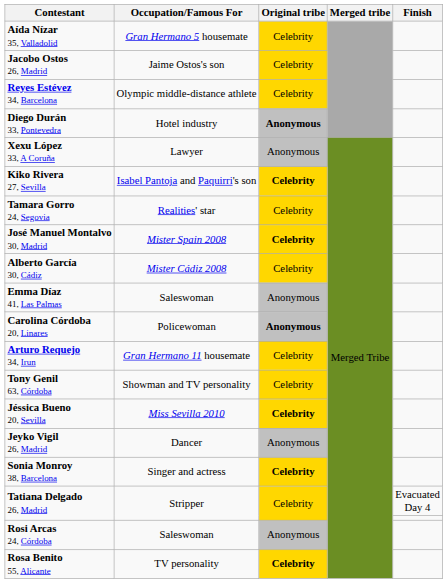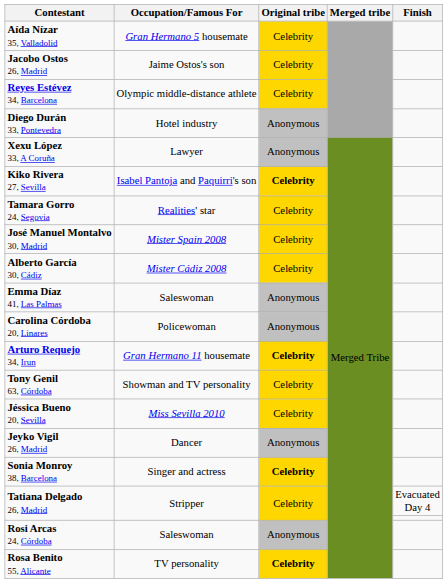 <table class="wikitable" style="margin:auto; text-align:center">
 <tr>
 <th>Contestant</th>
 <th>Occupation/Famous For</th>
 <th>Original tribe</th>
 <th>Merged tribe</th>
 <th>Finish</th>
 </tr>
 <tr>
 <td align="left"><strong>Aída Nízar</strong><br><small>35, <a href='#'>Valladolid</a> </small></td>
 <td><em><a href='#'>Gran Hermano 5</a></em> housemate</td>
 <td bgcolor="#FFD700">Celebrity</td>
 <td bgcolor="darkgray" rowspan="4"></td>
 <td></td>
 </tr>
 <tr>
 <td align="left"><strong>Jacobo Ostos</strong><br><small>26, <a href='#'>Madrid</a> </small></td>
 <td>Jaime Ostos's son</td>
 <td bgcolor="#FFD700">Celebrity</td>
 <td></td>
 </tr>
 <tr>
 <td align="left"><strong><a href='#'>Reyes Estévez</a></strong><br><small>34, <a href='#'>Barcelona</a> </small></td>
 <td>Olympic middle-distance athlete</td>
 <td bgcolor="#FFD700">Celebrity</td>
 <td></td>
 </tr>
 <tr>
 <td align="left"><strong>Diego Durán</strong><br><small>33, <a href='#'>Pontevedra</a> </small></td>
 <td>Hotel industry</td>
-<td bgcolor="#C0C0C0"><strong>Anonymous</strong></td>
+<td bgcolor="#C0C0C0">Anonymous</td>
 <td></td>
 </tr>
 <tr>
 <td align="left"><strong>Xexu López</strong><br><small>33, <a href='#'>A Coruña</a> </small></td>
 <td>Lawyer</td>
 <td bgcolor="#C0C0C0">Anonymous</td>
 <td rowspan="16" style="background-color: rgb(107, 142, 35);"><span>Merged Tribe</span></td>
 <td></td>
 </tr>
 <tr>
 <td align="left"><strong>Kiko Rivera</strong><br><small>27, <a href='#'>Sevilla</a> </small></td>
 <td><a href='#'>Isabel Pantoja</a> and <a href='#'>Paquirri</a>'s son</td>
 <td bgcolor="#FFD700"><strong>Celebrity</strong></td>
 <td></td>
 </tr>
 <tr>
 <td align="left"><strong>Tamara Gorro</strong><br><small>24, <a href='#'>Segovia</a> </small></td>
 <td><a href='#'>Realities</a>' star</td>
 <td bgcolor="#FFD700">Celebrity</td>
 <td></td>
 </tr>
 <tr>
 <td align="left"><strong>José Manuel Montalvo</strong><br><small>30, <a href='#'>Madrid</a> </small></td>
 <td><em><a href='#'>Mister Spain 2008</a></em></td>
-<td bgcolor="#FFD700"><strong>Celebrity</strong></td>
+<td bgcolor="#FFD700">Celebrity</td>
 <td></td>
 </tr>
 <tr>
 <td align="left"><strong>Alberto García</strong><br><small>30, <a href='#'>Cádiz</a> </small></td>
 <td><em><a href='#'>Mister Cádiz 2008</a></em></td>
 <td bgcolor="#FFD700">Celebrity</td>
 <td></td>
 </tr>
 <tr>
 <td align="left"><strong>Emma Díaz</strong><br><small>41, <a href='#'>Las Palmas</a> </small></td>
 <td>Saleswoman</td>
 <td bgcolor="#C0C0C0">Anonymous</td>
 <td></td>
 </tr>
 <tr>
 <td align="left"><strong>Carolina Córdoba</strong><br><small>20, <a href='#'>Linares</a> </small></td>
 <td>Policewoman</td>
-<td bgcolor="#C0C0C0"><strong>Anonymous</strong></td>
+<td bgcolor="#C0C0C0">Anonymous</td>
 <td></td>
 </tr>
 <tr>
 <td align="left"><strong><a href='#'>Arturo Requejo</a></strong><br><small>34, <a href='#'>Irun</a> </small></td>
 <td><em><a href='#'>Gran Hermano 11</a></em> housemate</td>
-<td bgcolor="#FFD700">Celebrity</td>
+<td bgcolor="#FFD700"><strong>Celebrity</strong></td>
 <td></td>
 </tr>
 <tr>
 <td align="left"><strong>Tony Genil</strong><br><small>63, <a href='#'>Córdoba</a> </small></td>
 <td>Showman and TV personality</td>
 <td bgcolor="#FFD700">Celebrity</td>
 <td></td>
 </tr>
 <tr>
 <td align="left"><strong>Jéssica Bueno</strong><br><small>20, <a href='#'>Sevilla</a> </small></td>
 <td><em><a href='#'>Miss Sevilla 2010</a></em></td>
-<td bgcolor="#FFD700"><strong>Celebrity</strong></td>
+<td bgcolor="#FFD700">Celebrity</td>
 <td></td>
 </tr>
 <tr>
 <td align="left"><strong>Jeyko Vigil</strong><br><small>26, <a href='#'>Madrid</a> </small></td>
 <td>Dancer</td>
 <td bgcolor="#C0C0C0">Anonymous</td>
 <td></td>
 </tr>
 <tr>
 <td align="left"><strong>Sonia Monroy</strong><br><small>38, <a href='#'>Barcelona</a> </small></td>
 <td>Singer and actress</td>
 <td bgcolor="#FFD700"><strong>Celebrity</strong></td>
 <td></td>
 </tr>
 <tr>
 <td rowspan="2" style="text-align: left;"><strong>Tatiana Delgado</strong><br><small>26, <a href='#'>Madrid</a> </small></td>
 <td rowspan="2" style="text-align: center;">Stripper</td>
 <td rowspan="2" style="background-color: rgb(255, 215, 0);">Celebrity</td>
 <td>Evacuated<br>Day 4</td>
 </tr>
 <tr>
 <td></td>
 </tr>
 <tr>
 <td align="left"><strong>Rosi Arcas</strong><br><small>24, <a href='#'>Córdoba</a> </small></td>
 <td>Saleswoman</td>
 <td bgcolor="#C0C0C0">Anonymous</td>
 <td></td>
 </tr>
 <tr>
 <td align="left"><strong>Rosa Benito</strong><br><small>55, <a href='#'>Alicante</a> </small></td>
 <td>TV personality</td>
 <td bgcolor="#FFD700"><strong>Celebrity</strong></td>
 <td></td>
 </tr>
 </table>
